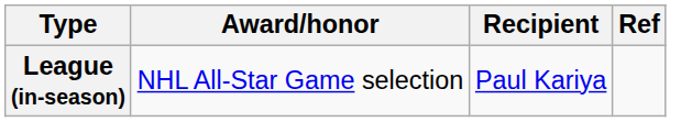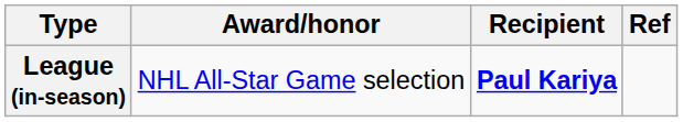 <table class="wikitable">
 <tr>
 <th scope="col">Type</th>
 <th scope="col">Award/honor</th>
 <th scope="col">Recipient</th>
 <th scope="col">Ref</th>
 </tr>
 <tr>
 <th scope="row">League<br><small>(in-season)</small></th>
 <td><a href='#'>NHL All-Star Game</a> selection</td>
-<td><a href='#'>Paul Kariya</a></td>
+<td><strong><a href='#'>Paul Kariya</a></strong></td>
 <td></td>
 </tr>
 </table>
